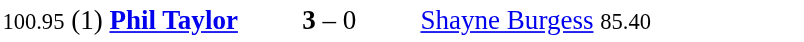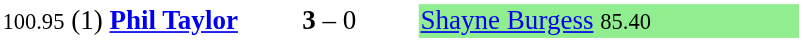 <table style="text-align:center">
 <tr>
 <th width=223></th>
 <th width=100></th>
 <th width=223></th>
 </tr>
 <tr>
 <td align=right><small>100.95</small> (1) <strong><a href='#'>Phil Taylor</a></strong> </td>
 <td><strong>3</strong> – 0</td>
-<td align=left> <a href='#'>Shayne Burgess</a> <small>85.40</small></td>
+<td align=left style="background: lightgreen;"> <a href='#'>Shayne Burgess</a> <small>85.40</small></td>
 </tr>
 </table>
